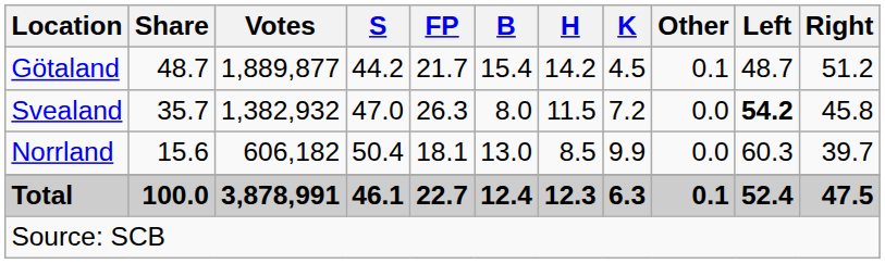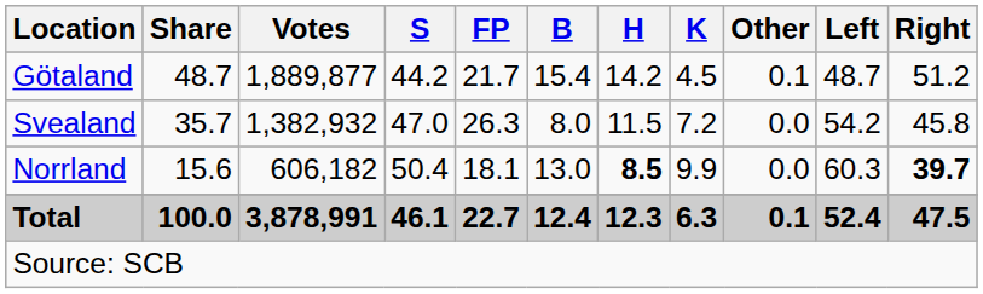 <table class="wikitable sortable" style=text-align:right>
 <tr>
 <th>Location</th>
 <th>Share</th>
 <th>Votes</th>
 <th><a href='#'>S</a></th>
 <th><a href='#'>FP</a></th>
 <th><a href='#'>B</a></th>
 <th><a href='#'>H</a></th>
 <th><a href='#'>K</a></th>
 <th>Other</th>
 <th>Left</th>
 <th>Right</th>
 </tr>
 <tr>
 <td align=left><a href='#'>Götaland</a></td>
 <td>48.7</td>
 <td>1,889,877</td>
 <td>44.2</td>
 <td>21.7</td>
 <td>15.4</td>
 <td>14.2</td>
 <td>4.5</td>
 <td>0.1</td>
 <td>48.7</td>
 <td>51.2</td>
 </tr>
 <tr>
 <td align=left><a href='#'>Svealand</a></td>
 <td>35.7</td>
 <td>1,382,932</td>
 <td>47.0</td>
 <td>26.3</td>
 <td>8.0</td>
 <td>11.5</td>
 <td>7.2</td>
 <td>0.0</td>
-<td><strong>54.2</strong></td>
+<td>54.2</td>
 <td>45.8</td>
 </tr>
 <tr>
 <td align=left><a href='#'>Norrland</a></td>
 <td>15.6</td>
 <td>606,182</td>
 <td>50.4</td>
 <td>18.1</td>
 <td>13.0</td>
-<td>8.5</td>
+<td><strong>8.5</strong></td>
 <td>9.9</td>
 <td>0.0</td>
 <td>60.3</td>
-<td>39.7</td>
+<td><strong>39.7</strong></td>
 </tr>
 <tr>
 </tr>
 <tr style="background:#CDCDCD;">
 <td align=left><strong>Total</strong></td>
 <td><strong>100.0</strong></td>
 <td><strong>3,878,991</strong></td>
 <td><strong>46.1</strong></td>
 <td><strong>22.7</strong></td>
 <td><strong>12.4</strong></td>
 <td><strong>12.3</strong></td>
 <td><strong>6.3</strong></td>
 <td><strong>0.1</strong></td>
 <td><strong>52.4</strong></td>
 <td><strong>47.5</strong></td>
 </tr>
 <tr>
 <td align=left colspan=11>Source: SCB </td>
 </tr>
 </table>
